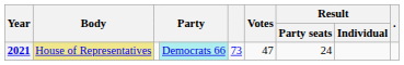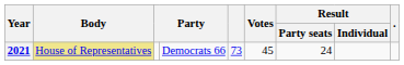 <table class="wikitable plainrowheaders sortable" border=2 cellpadding=4 cellspacing=0 style="border: 1px #aaa solid; font-size: 90%; text-align:center;">
 <tr>
 <th scope="col" rowspan=2>Year</th>
 <th scope="col" rowspan=2>Body</th>
 <th scope="col" colspan=2 rowspan=2>Party</th>
 <th scope="col" rowspan=2></th>
 <th scope="col" rowspan=2>Votes</th>
 <th scope="colgroup" colspan=2>Result</th>
 <th scope="col" rowspan=2 class="unsortable">.</th>
 </tr>
 <tr>
 <th scope="col">Party seats</th>
 <th scope="col">Individual</th>
 </tr>
 <tr>
 <th scope="row"><a href='#'>2021</a></th>
 <td style="background: khaki;"><a href='#'>House of Representatives</a></td>
 <td style="background-color:"></td>
-<td style="background: paleturquoise;"><a href='#'>Democrats 66</a></td>
+<td><a href='#'>Democrats 66</a></td>
 <td style=text-align:right><a href='#'>73</a></td>
-<td style=text-align:right>47</td>
+<td style=text-align:right>45</td>
 <td style=text-align:right>24</td>
 <td></td>
 <td></td>
 </tr>
 </table>
